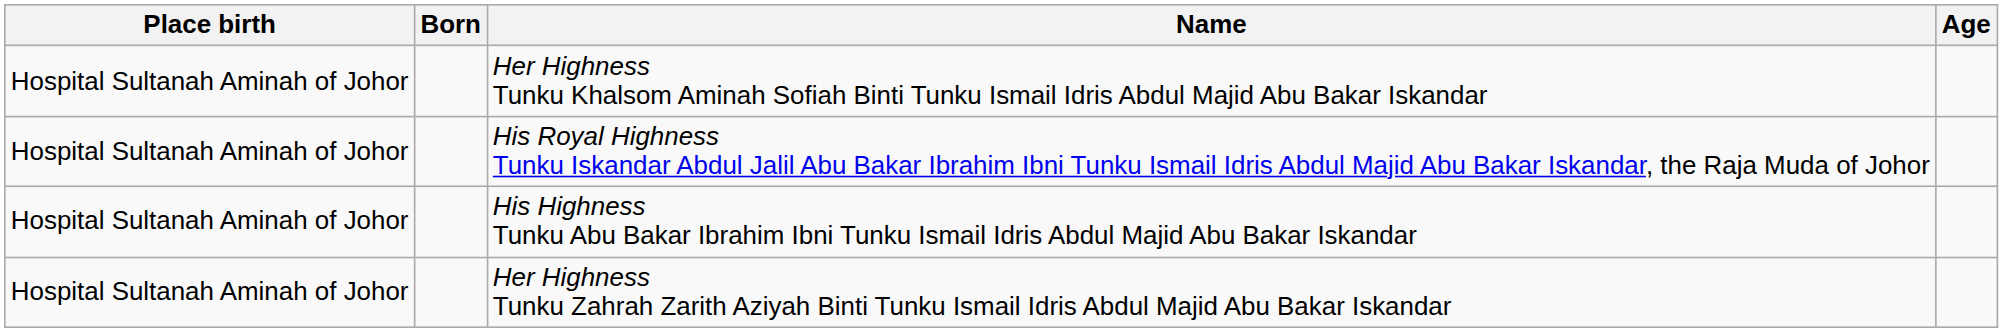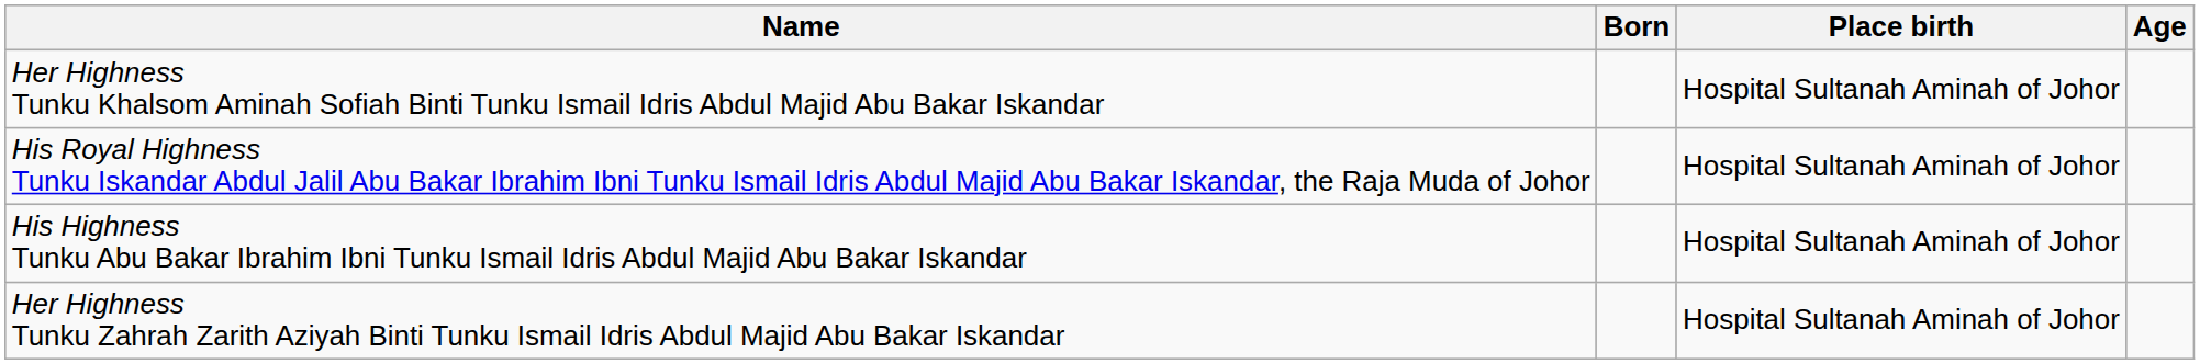 <table Class="wikitable">
 <tr>
+<th>Name</th>
+<th>Born</th>
 <th>Place birth</th>
-<th>Born</th>
-<th>Name</th>
 <th>Age</th>
 </tr>
 <tr>
+<td><em>Her Highness</em> <br> Tunku Khalsom Aminah Sofiah Binti Tunku Ismail Idris Abdul Majid Abu Bakar Iskandar</td>
+<td></td>
 <td>Hospital Sultanah Aminah of Johor</td>
-<td></td>
-<td><em>Her Highness</em> <br> Tunku Khalsom Aminah Sofiah Binti Tunku Ismail Idris Abdul Majid Abu Bakar Iskandar</td>
 <td></td>
 </tr>
 <tr>
+<td><em>His Royal Highness</em> <br> <a href='#'>Tunku Iskandar Abdul Jalil Abu Bakar Ibrahim Ibni Tunku Ismail Idris Abdul Majid Abu Bakar Iskandar</a>, the Raja Muda of Johor</td>
+<td></td>
 <td>Hospital Sultanah Aminah of Johor</td>
-<td></td>
-<td><em>His Royal Highness</em> <br> <a href='#'>Tunku Iskandar Abdul Jalil Abu Bakar Ibrahim Ibni Tunku Ismail Idris Abdul Majid Abu Bakar Iskandar</a>, the Raja Muda of Johor</td>
 <td></td>
 </tr>
 <tr>
+<td><em>His Highness</em> <br> Tunku Abu Bakar Ibrahim Ibni Tunku Ismail Idris Abdul Majid Abu Bakar Iskandar</td>
+<td></td>
 <td>Hospital Sultanah Aminah of Johor</td>
-<td></td>
-<td><em>His Highness</em> <br> Tunku Abu Bakar Ibrahim Ibni Tunku Ismail Idris Abdul Majid Abu Bakar Iskandar</td>
 <td></td>
 </tr>
 <tr>
+<td><em>Her Highness</em> <br> Tunku Zahrah Zarith Aziyah Binti Tunku Ismail Idris Abdul Majid Abu Bakar Iskandar</td>
+<td></td>
 <td>Hospital Sultanah Aminah of Johor</td>
-<td></td>
-<td><em>Her Highness</em> <br> Tunku Zahrah Zarith Aziyah Binti Tunku Ismail Idris Abdul Majid Abu Bakar Iskandar</td>
 <td></td>
 </tr>
 </table>
